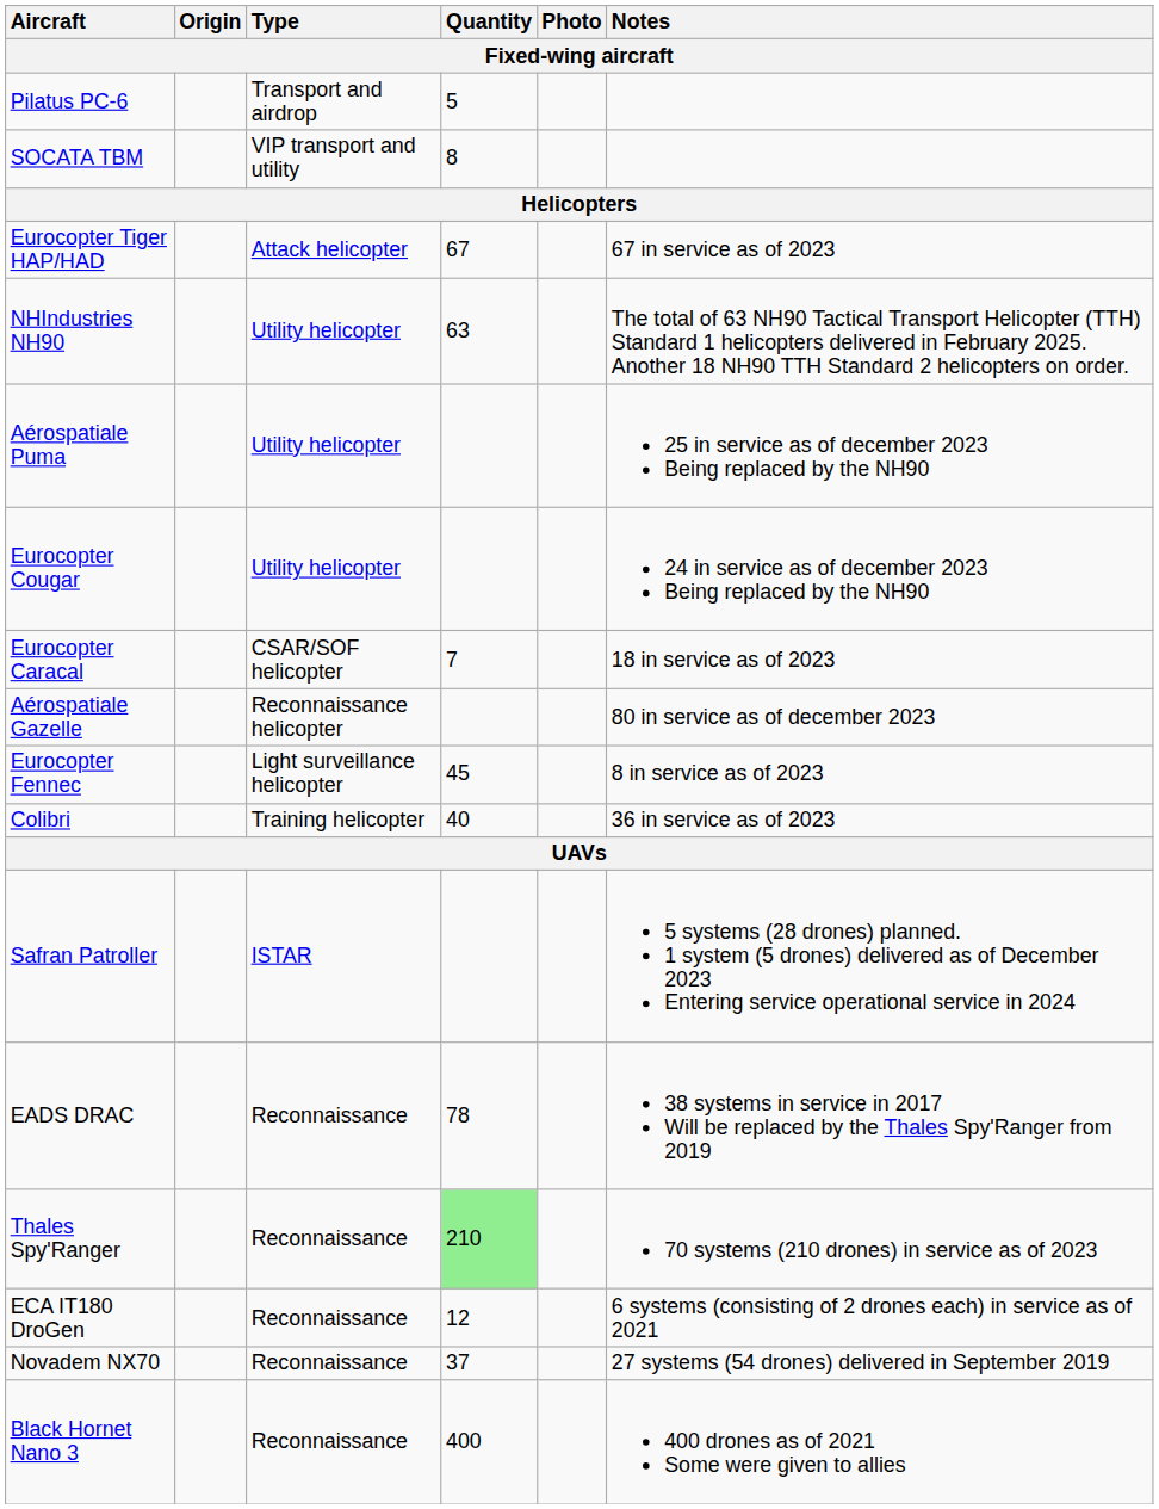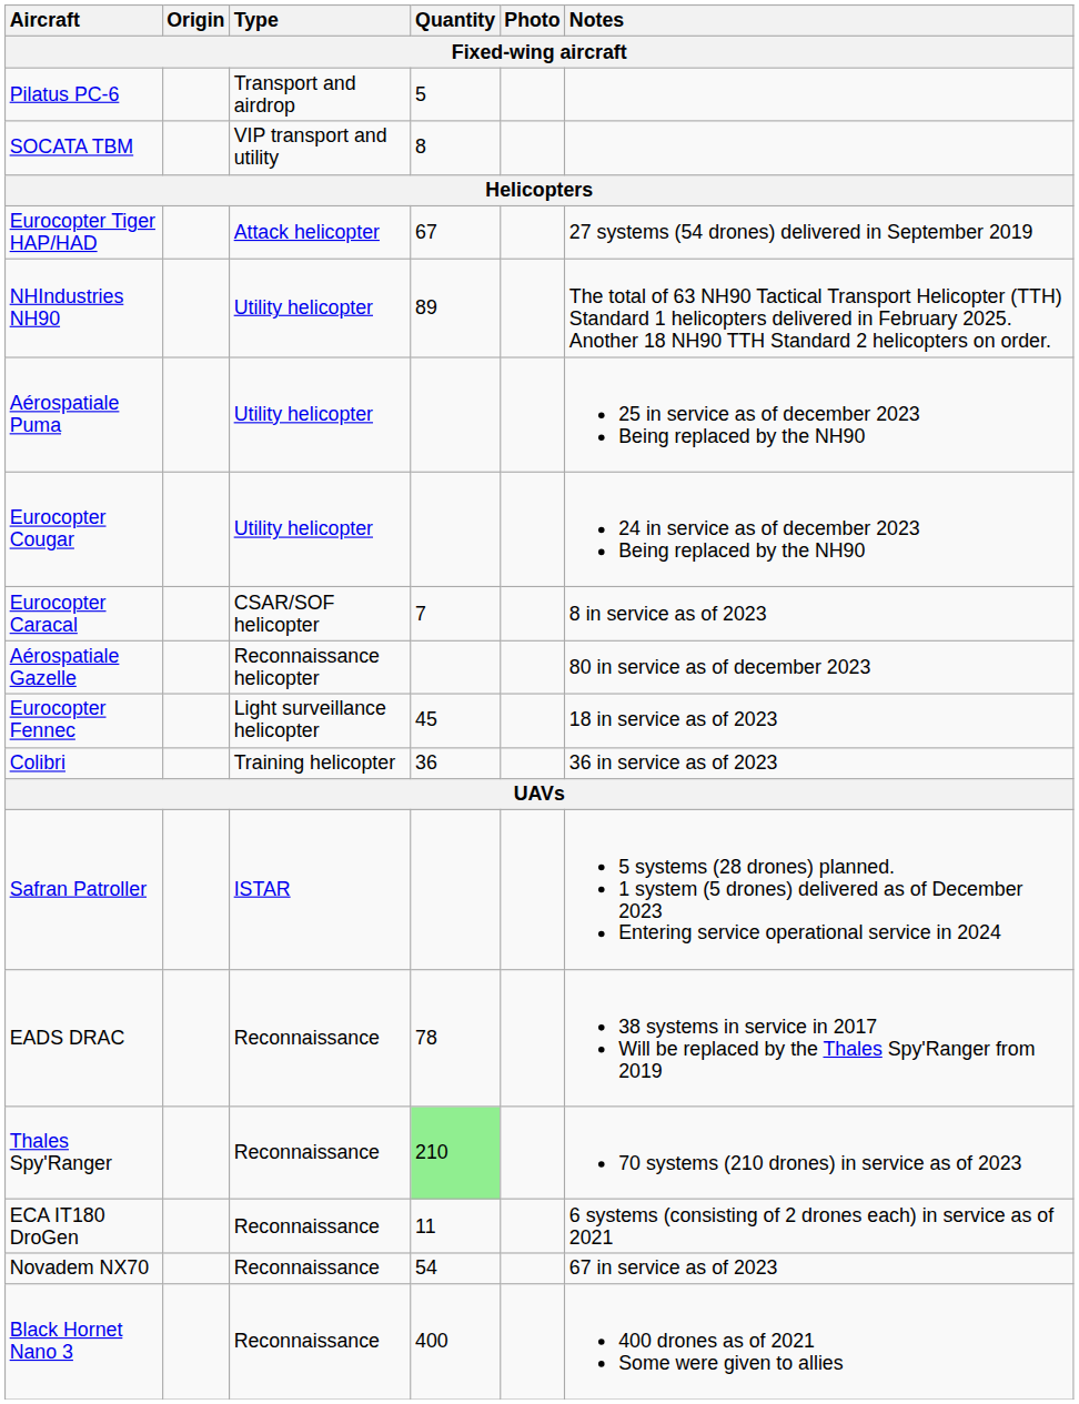 <table class="wikitable">
 <tr>
 <th style="text-align: left;">Aircraft</th>
 <th style="text-align: left;">Origin</th>
 <th style="text-align: left;">Type</th>
 <th style="text-align: left;">Quantity</th>
 <th style="text-align: left;">Photo</th>
 <th style="text-align: left;">Notes</th>
 </tr>
 <tr>
 <th style="align: center;" colspan="9">Fixed-wing aircraft</th>
 </tr>
 <tr>
 <td><a href='#'>Pilatus PC-6</a></td>
 <td></td>
 <td>Transport and airdrop</td>
 <td>5</td>
 <td></td>
 <td></td>
 </tr>
 <tr>
 <td><a href='#'>SOCATA TBM</a></td>
 <td></td>
 <td>VIP transport and utility</td>
 <td>8</td>
 <td></td>
 <td></td>
 </tr>
 <tr>
 <th colspan="9">Helicopters</th>
 </tr>
 <tr>
 <td><a href='#'>Eurocopter Tiger HAP/HAD</a></td>
 <td></td>
 <td><a href='#'>Attack helicopter</a></td>
 <td>67</td>
 <td></td>
-<td>67 in service as of 2023</td>
+<td>27 systems (54 drones) delivered in September 2019</td>
 </tr>
 <tr>
 <td><a href='#'>NHIndustries NH90</a></td>
 <td></td>
 <td><a href='#'>Utility helicopter</a></td>
-<td>63</td>
+<td>89</td>
 <td></td>
 <td><br>The total of 63 NH90 Tactical Transport Helicopter (TTH) Standard 1 helicopters delivered in February 2025. Another 18 NH90 TTH Standard 2 helicopters on order.</td>
 </tr>
 <tr>
 <td><a href='#'>Aérospatiale Puma</a></td>
 <td></td>
 <td><a href='#'>Utility helicopter</a></td>
 <td></td>
 <td></td>
 <td><br><ul><li>25 in service as of december 2023</li><li>Being replaced by the NH90</li></ul></td>
 </tr>
 <tr>
 <td><a href='#'>Eurocopter Cougar</a></td>
 <td></td>
 <td><a href='#'>Utility helicopter</a></td>
 <td></td>
 <td></td>
 <td><br><ul><li>24 in service as of december 2023</li><li>Being replaced by the NH90</li></ul></td>
 </tr>
 <tr>
 <td><a href='#'>Eurocopter Caracal</a></td>
 <td></td>
 <td>CSAR/SOF helicopter</td>
 <td>7</td>
 <td></td>
-<td>18 in service as of 2023</td>
+<td>8 in service as of 2023</td>
 </tr>
 <tr>
 <td><a href='#'>Aérospatiale Gazelle</a></td>
 <td></td>
 <td>Reconnaissance helicopter</td>
 <td></td>
 <td></td>
 <td>80 in service as of december 2023</td>
 </tr>
 <tr>
 <td><a href='#'>Eurocopter Fennec</a></td>
 <td></td>
 <td>Light surveillance helicopter</td>
 <td>45</td>
 <td></td>
-<td>8 in service as of 2023</td>
+<td>18 in service as of 2023</td>
 </tr>
 <tr>
 <td><a href='#'>Colibri</a></td>
 <td></td>
 <td>Training helicopter</td>
-<td>40</td>
+<td>36</td>
 <td></td>
 <td>36 in service as of 2023</td>
 </tr>
 <tr>
 <th colspan="9">UAVs</th>
 </tr>
 <tr>
 <td><a href='#'>Safran Patroller</a></td>
 <td></td>
 <td><a href='#'>ISTAR</a></td>
 <td></td>
 <td></td>
 <td><br><ul><li>5 systems (28 drones) planned.</li><li>1 system (5 drones) delivered as of December 2023</li><li>Entering service operational service in 2024</li></ul></td>
 </tr>
 <tr>
 <td>EADS DRAC</td>
 <td></td>
 <td>Reconnaissance</td>
 <td>78</td>
 <td></td>
 <td><br><ul><li>38 systems in service in 2017</li><li>Will be replaced by the <a href='#'>Thales</a> Spy'Ranger from 2019</li></ul></td>
 </tr>
 <tr>
 <td><a href='#'>Thales</a> Spy'Ranger</td>
 <td></td>
 <td>Reconnaissance</td>
 <td style="background: lightgreen;">210</td>
 <td></td>
 <td><br><ul><li>70 systems (210 drones) in service as of 2023</li></ul></td>
 </tr>
 <tr>
 <td>ECA IT180 DroGen</td>
 <td></td>
 <td>Reconnaissance</td>
-<td>12</td>
+<td>11</td>
 <td></td>
 <td>6 systems (consisting of 2 drones each) in service as of 2021</td>
 </tr>
 <tr>
 <td>Novadem NX70</td>
 <td></td>
 <td>Reconnaissance</td>
-<td>37</td>
+<td>54</td>
 <td></td>
-<td>27 systems (54 drones) delivered in September 2019</td>
+<td>67 in service as of 2023</td>
 </tr>
 <tr>
 <td><a href='#'>Black Hornet Nano 3</a></td>
 <td></td>
 <td>Reconnaissance</td>
 <td>400</td>
 <td></td>
 <td><br><ul><li>400 drones as of 2021</li><li>Some were given to allies</li></ul></td>
 </tr>
 </table>
